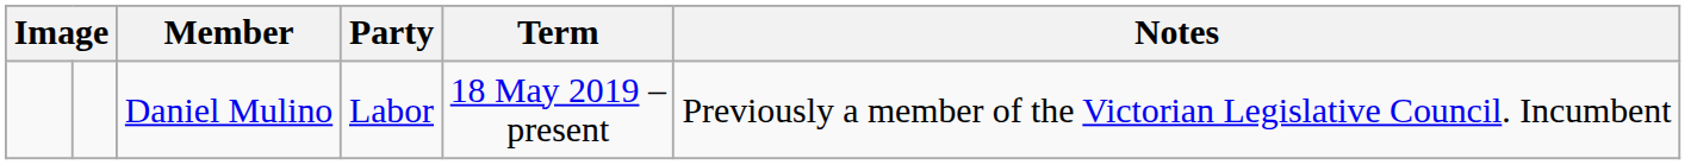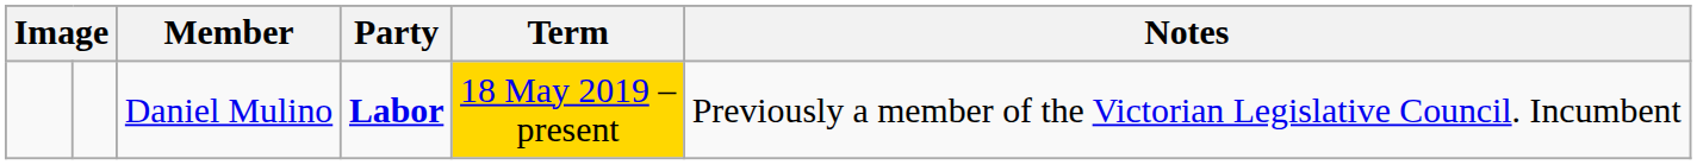 <table class=wikitable style="text-align:center">
 <tr>
 <th colspan=2>Image</th>
 <th>Member</th>
 <th>Party</th>
 <th>Term</th>
 <th>Notes</th>
 </tr>
 <tr>
 <td> </td>
 <td></td>
 <td><a href='#'>Daniel Mulino</a><br></td>
-<td><a href='#'>Labor</a></td>
-<td nowrap><a href='#'>18 May 2019</a> –<br>present</td>
+<td><strong><a href='#'>Labor</a></strong></td>
+<td nowrap style="background: gold;"><a href='#'>18 May 2019</a> –<br>present</td>
 <td>Previously a member of the <a href='#'>Victorian Legislative Council</a>. Incumbent</td>
 </tr>
 </table>
